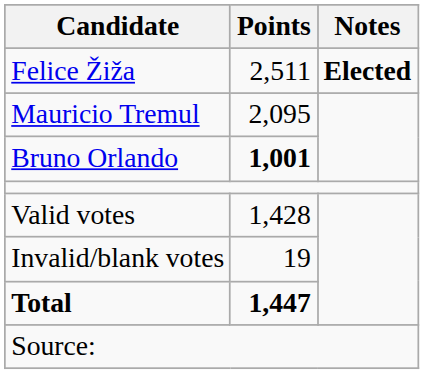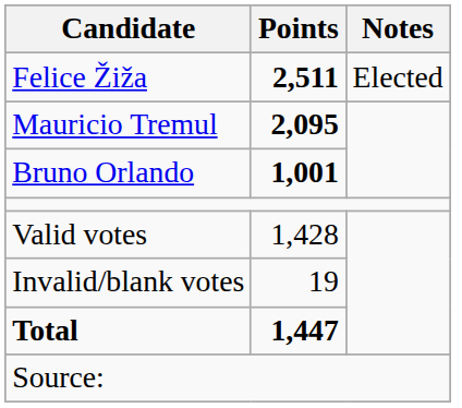 <table class="wikitable" style="text-align:right">
 <tr>
 <th>Candidate</th>
 <th>Points</th>
 <th>Notes</th>
 </tr>
 <tr>
 <td style="text-align:left;"><a href='#'>Felice Žiža</a></td>
-<td>2,511</td>
-<td><strong>Elected</strong></td>
+<td><strong>2,511</strong></td>
+<td>Elected</td>
 </tr>
 <tr>
 <td style="text-align:left;"><a href='#'>Mauricio Tremul</a></td>
-<td>2,095</td>
+<td><strong>2,095</strong></td>
 <td rowspan="2"></td>
 </tr>
 <tr>
 <td style="text-align:left;"><a href='#'>Bruno Orlando</a></td>
 <td><strong>1,001</strong></td>
 </tr>
 <tr>
 <td colspan="3"></td>
 </tr>
 <tr>
 <td style="text-align:left;">Valid votes</td>
 <td>1,428</td>
 <td colspan="2" rowspan="3"></td>
 </tr>
 <tr>
 <td style="text-align:left;">Invalid/blank votes</td>
 <td>19</td>
 </tr>
 <tr>
 <td style="text-align:left;"><strong>Total</strong></td>
 <td><strong>1,447</strong></td>
 </tr>
 <tr>
 <td colspan="3" style="text-align:left;">Source: </td>
 </tr>
 </table>
